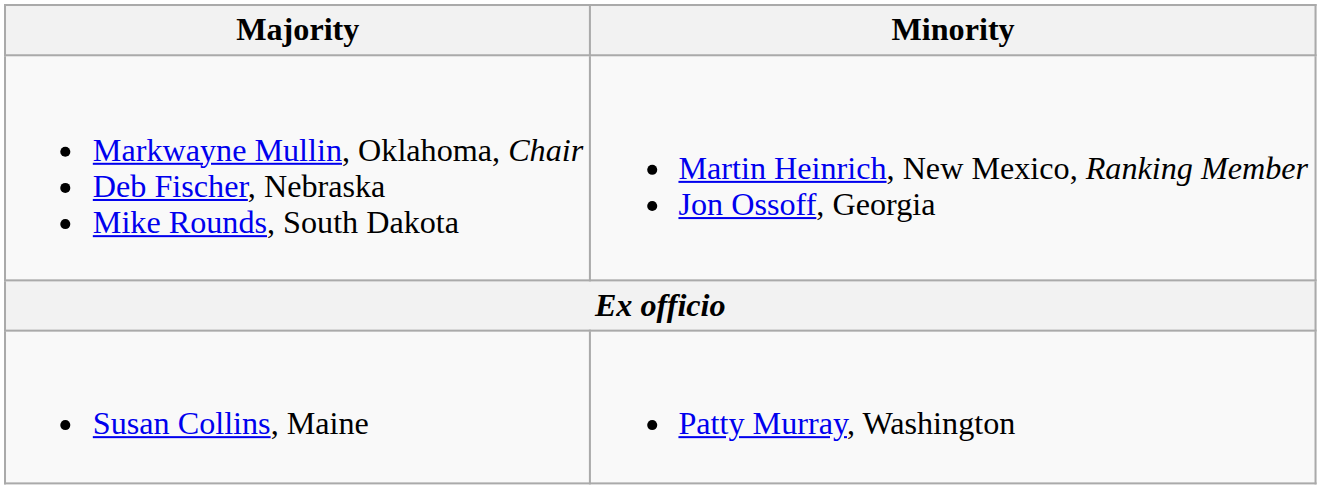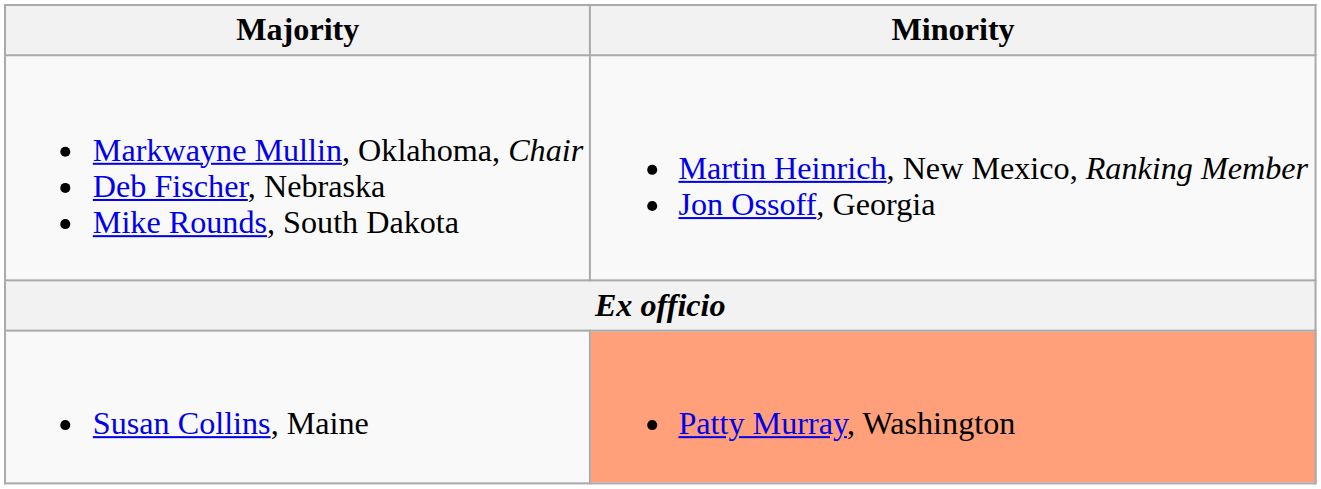 <table class=wikitable>
 <tr>
 <th>Majority</th>
 <th>Minority</th>
 </tr>
 <tr>
 <td><br><ul><li><a href='#'>Markwayne Mullin</a>, Oklahoma, <em>Chair</em></li><li><a href='#'>Deb Fischer</a>, Nebraska</li><li><a href='#'>Mike Rounds</a>, South Dakota</li></ul></td>
 <td><br><ul><li><a href='#'>Martin Heinrich</a>, New Mexico, <em>Ranking Member</em></li><li><a href='#'>Jon Ossoff</a>, Georgia</li></ul></td>
 </tr>
 <tr>
 <th colspan=2 align=center><em>Ex officio</em></th>
 </tr>
 <tr>
 <td><br><ul><li><a href='#'>Susan Collins</a>, Maine</li></ul></td>
-<td><br><ul><li><a href='#'>Patty Murray</a>, Washington</li></ul></td>
+<td style="background: lightsalmon;"><br><ul><li><a href='#'>Patty Murray</a>, Washington</li></ul></td>
 </tr>
 </table>
